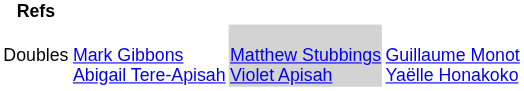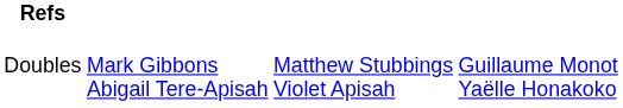 <table>
 <tr>
 <th>Refs</th>
 </tr>
 <tr>
 <td>Doubles</td>
 <td valign=top> <br> <a href='#'>Mark Gibbons</a> <br> <a href='#'>Abigail Tere-Apisah</a></td>
-<td valign=top style="background: lightgrey;"> <br> <a href='#'>Matthew Stubbings</a> <br> <a href='#'>Violet Apisah</a></td>
+<td valign=top> <br> <a href='#'>Matthew Stubbings</a> <br> <a href='#'>Violet Apisah</a></td>
 <td valign=top> <br> <a href='#'>Guillaume Monot</a> <br> <a href='#'>Yaëlle Honakoko</a></td>
 <td align= center></td>
 </tr>
 </table>
